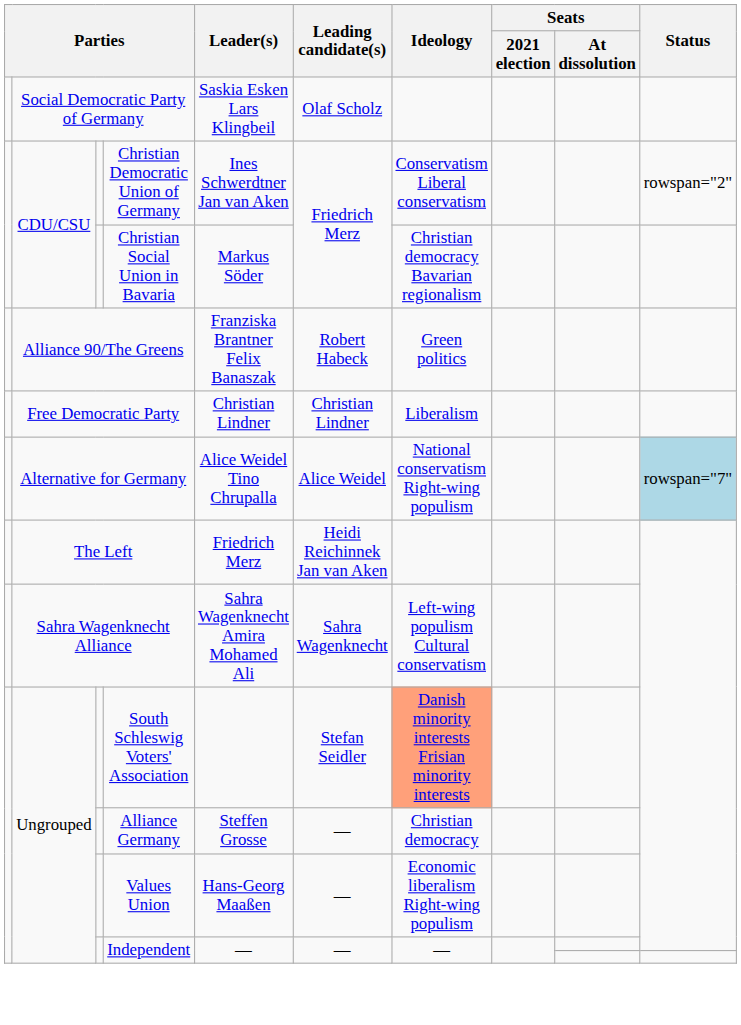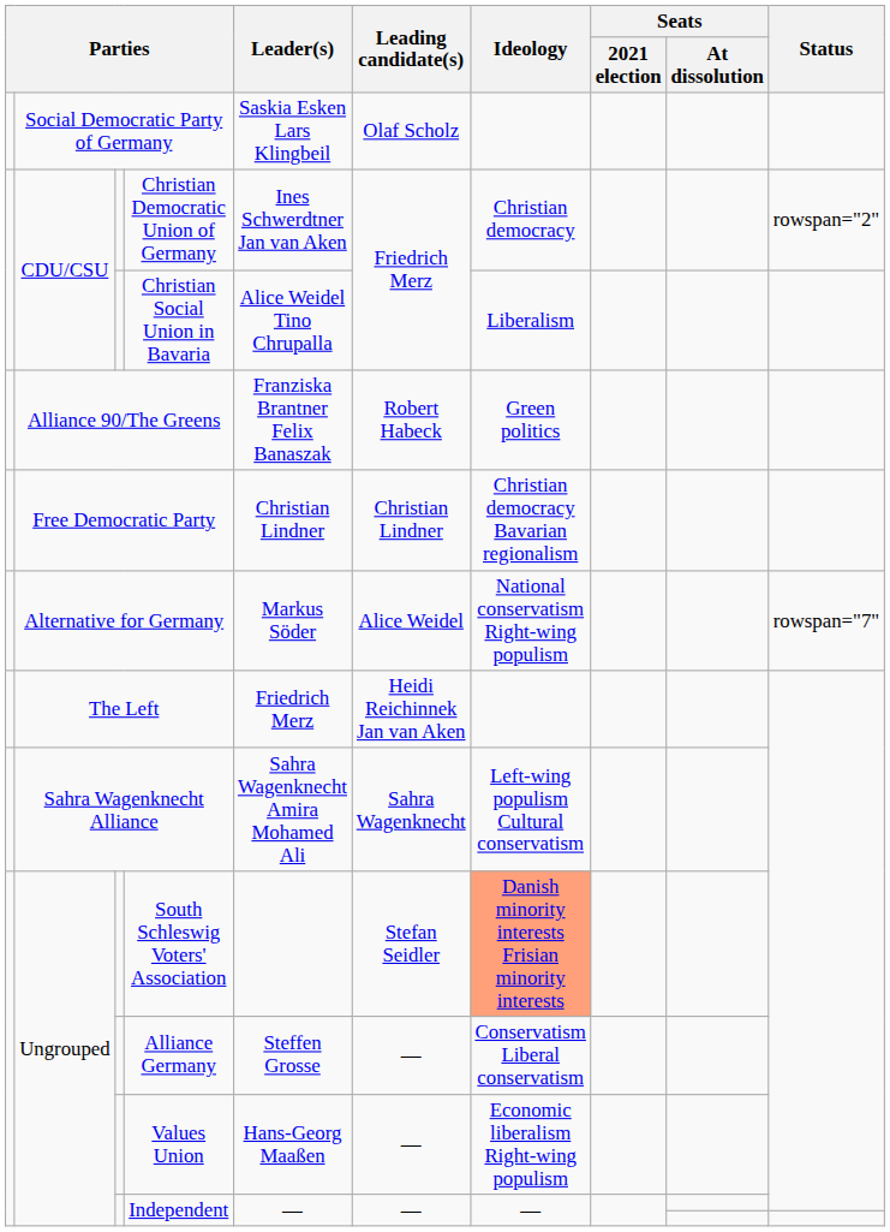 <table class="wikitable" style="text-align:center">
 <tr>
 <th colspan="4" rowspan="2">Parties</th>
 <th rowspan="2">Leader(s)</th>
 <th rowspan="2">Leading candidate(s)</th>
 <th rowspan="2">Ideology</th>
 <th colspan="2">Seats</th>
 <th rowspan="2">Status</th>
 </tr>
 <tr>
 <th>2021 election</th>
 <th>At dissolution</th>
 </tr>
 <tr>
 <td style="background:"></td>
 <td colspan="3"><a href='#'>Social Democratic Party of Germany</a><br></td>
 <td><a href='#'>Saskia Esken</a><br><a href='#'>Lars Klingbeil</a></td>
 <td><a href='#'>Olaf Scholz</a></td>
 <td></td>
 <td></td>
 <td></td>
 <td></td>
 </tr>
 <tr>
 <td rowspan="2" style="background:"></td>
 <td rowspan="2"><a href='#'>CDU/CSU</a></td>
 <td style="background:"></td>
 <td><a href='#'>Christian Democratic Union of Germany</a><br></td>
 <td><a href='#'>Ines Schwerdtner</a><br><a href='#'>Jan van Aken</a></td>
 <td rowspan="2"><a href='#'>Friedrich Merz</a></td>
-<td><a href='#'>Conservatism</a> <br><a href='#'>Liberal conservatism</a></td>
+<td><a href='#'>Christian democracy</a></td>
 <td></td>
 <td></td>
 <td>rowspan="2" </td>
 </tr>
 <tr>
 <td style="background:"></td>
 <td><a href='#'>Christian Social Union in Bavaria</a><br></td>
-<td><a href='#'>Markus Söder</a></td>
-<td><a href='#'>Christian democracy</a><br><a href='#'>Bavarian</a> <a href='#'>regionalism</a></td>
+<td><a href='#'>Alice Weidel</a><br><a href='#'>Tino Chrupalla</a></td>
+<td><a href='#'>Liberalism</a></td>
 <td></td>
 <td></td>
 </tr>
 <tr>
 <td style="background:"></td>
 <td colspan="3"><a href='#'>Alliance 90/The Greens</a><br></td>
 <td><a href='#'>Franziska Brantner</a><br><a href='#'>Felix Banaszak</a></td>
 <td><a href='#'>Robert Habeck</a></td>
 <td><a href='#'>Green politics</a></td>
 <td></td>
 <td></td>
 <td></td>
 </tr>
 <tr>
 <td style="background:"></td>
 <td colspan="3"><a href='#'>Free Democratic Party</a><br></td>
 <td><a href='#'>Christian Lindner</a></td>
 <td><a href='#'>Christian Lindner</a></td>
-<td><a href='#'>Liberalism</a></td>
+<td><a href='#'>Christian democracy</a><br><a href='#'>Bavarian</a> <a href='#'>regionalism</a></td>
 <td></td>
 <td></td>
 <td></td>
 </tr>
 <tr>
 <td style="background:"></td>
 <td colspan="3"><a href='#'>Alternative for Germany</a><br></td>
-<td><a href='#'>Alice Weidel</a><br><a href='#'>Tino Chrupalla</a></td>
+<td><a href='#'>Markus Söder</a></td>
 <td><a href='#'>Alice Weidel</a></td>
 <td><a href='#'>National conservatism</a><br><a href='#'>Right-wing populism</a></td>
 <td></td>
 <td></td>
-<td style="background: lightblue;">rowspan="7" </td>
+<td>rowspan="7" </td>
 </tr>
 <tr>
 <td style="background:"></td>
 <td colspan="3"><a href='#'>The Left</a><br></td>
 <td><a href='#'>Friedrich Merz</a></td>
 <td><a href='#'>Heidi Reichinnek</a><br><a href='#'>Jan van Aken</a></td>
 <td></td>
 <td></td>
 <td></td>
 </tr>
 <tr>
 <td style="background:"></td>
 <td colspan="3"><a href='#'>Sahra Wagenknecht Alliance</a><br></td>
 <td><a href='#'>Sahra Wagenknecht</a><br><a href='#'>Amira Mohamed Ali</a></td>
 <td><a href='#'>Sahra Wagenknecht</a></td>
 <td><a href='#'>Left-wing populism</a><br><a href='#'>Cultural conservatism</a></td>
 <td></td>
 <td></td>
 </tr>
 <tr>
 <td rowspan="5" style="background:"></td>
 <td rowspan="5">Ungrouped</td>
 <td style="background:"></td>
 <td><a href='#'>South Schleswig Voters' Association</a><br></td>
 <td></td>
 <td><a href='#'>Stefan Seidler</a></td>
 <td style="background: lightsalmon;"><a href='#'>Danish minority interests</a><br><a href='#'>Frisian minority interests</a></td>
 <td></td>
 <td></td>
 </tr>
 <tr>
 <td style="background:"></td>
 <td><a href='#'>Alliance Germany</a><br></td>
 <td><a href='#'>Steffen Grosse</a></td>
 <td>—</td>
-<td><a href='#'>Christian democracy</a></td>
+<td><a href='#'>Conservatism</a> <br><a href='#'>Liberal conservatism</a></td>
 <td></td>
 <td></td>
 </tr>
 <tr>
 <td style="background:"></td>
 <td><a href='#'>Values Union</a><br></td>
 <td><a href='#'>Hans-Georg Maaßen</a></td>
 <td>—</td>
 <td><a href='#'>Economic liberalism</a><br><a href='#'>Right-wing populism</a></td>
 <td></td>
 <td></td>
 </tr>
 <tr>
 <td rowspan="2" style="background:"></td>
 <td rowspan="2"><a href='#'>Independent</a></td>
 <td rowspan="2">—</td>
 <td rowspan="2">—</td>
 <td rowspan="2">—</td>
 <td rowspan="2"></td>
 <td></td>
 </tr>
 <tr>
 <td></td>
 <td></td>
 </tr>
 </table>
